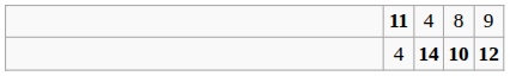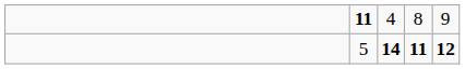 <table class="wikitable">
 <tr>
 <td style="width:18em"></td>
 <td align=center style="width:1em"><strong>11</strong></td>
 <td align=center style="width:1em">4</td>
 <td align=center style="width:1em">8</td>
 <td align=center style="width:1em">9</td>
 </tr>
 <tr>
 <td style="width:18em"></td>
-<td align=center style="width:1em">4</td>
+<td align=center style="width:1em">5</td>
 <td align=center style="width:1em"><strong>14</strong></td>
-<td align=center style="width:1em"><strong>10</strong></td>
+<td align=center style="width:1em"><strong>11</strong></td>
 <td align=center style="width:1em"><strong>12</strong></td>
 </tr>
 </table>
